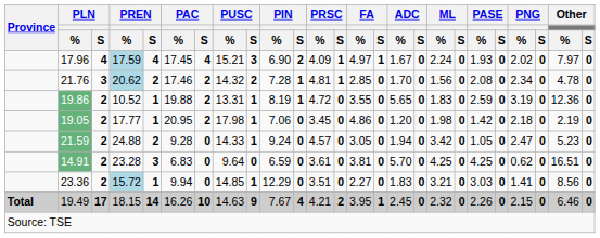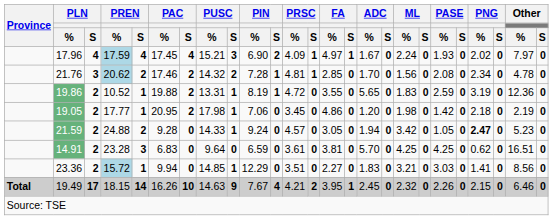 <table class="wikitable sortable" style="text-align:right; font-size:95%; line-height:20px;">
 <tr>
 <th rowspan="3"><a href='#'>Province</a></th>
 <th colspan="2" width="30px"><a href='#'>PLN</a></th>
 <th colspan="2" width="30px"><a href='#'>PREN</a></th>
 <th colspan="2" width="30px"><a href='#'>PAC</a></th>
 <th colspan="2" width="30px"><a href='#'>PUSC</a></th>
 <th colspan="2" width="30px"><a href='#'>PIN</a></th>
 <th colspan="2" width="30px"><a href='#'>PRSC</a></th>
 <th colspan="2" width="30px"><a href='#'>FA</a></th>
 <th colspan="2" width="30px"><a href='#'>ADC</a></th>
 <th colspan="2" width="30px"><a href='#'>ML</a></th>
 <th colspan="2" width="30px"><a href='#'>PASE</a></th>
 <th colspan="2" width="30px"><a href='#'>PNG</a></th>
 <th colspan="2" width="30px">Other</th>
 </tr>
 <tr>
 <th colspan="2" style="background:"></th>
 <th colspan="2" style="background:"></th>
 <th colspan="2" style="background:"></th>
 <th colspan="2" style="background:"></th>
 <th colspan="2" style="background:"></th>
 <th colspan="2" style="background:"></th>
 <th colspan="2" style="background:"></th>
 <th colspan="2" style="background:"></th>
 <th colspan="2" style="background:"></th>
 <th colspan="2" style="background:"></th>
 <th colspan="2" style="background:"></th>
 <th colspan="2" style="background:#7a7a7a"></th>
 </tr>
 <tr>
 <th data-sort-type="number">%</th>
 <th data-sort-type="number">S</th>
 <th data-sort-type="number">%</th>
 <th data-sort-type="number">S</th>
 <th data-sort-type="number">%</th>
 <th data-sort-type="number">S</th>
 <th data-sort-type="number">%</th>
 <th data-sort-type="number">S</th>
 <th data-sort-type="number">%</th>
 <th data-sort-type="number">S</th>
 <th data-sort-type="number">%</th>
 <th data-sort-type="number">S</th>
 <th data-sort-type="number">%</th>
 <th data-sort-type="number">S</th>
 <th data-sort-type="number">%</th>
 <th data-sort-type="number">S</th>
 <th data-sort-type="number">%</th>
 <th data-sort-type="number">S</th>
 <th data-sort-type="number">%</th>
 <th data-sort-type="number">S</th>
 <th data-sort-type="number">%</th>
 <th data-sort-type="number">S</th>
 <th data-sort-type="number">%</th>
 <th data-sort-type="number">S</th>
 </tr>
 <tr>
 <td align="left"></td>
 <td style="background:">17.96</td>
 <td><strong>4</strong></td>
 <td style="background:#ADD8E6; color:black;">17.59</td>
 <td><strong>4</strong></td>
 <td>17.45</td>
 <td><strong>4</strong></td>
 <td>15.21</td>
 <td><strong>3</strong></td>
 <td>6.90</td>
 <td><strong>2</strong></td>
 <td>4.09</td>
 <td><strong>1</strong></td>
 <td>4.97</td>
 <td><strong>1</strong></td>
 <td>1.67</td>
 <td><strong>0</strong></td>
 <td>2.24</td>
 <td><strong>0</strong></td>
 <td>1.93</td>
 <td><strong>0</strong></td>
 <td>2.02</td>
 <td><strong>0</strong></td>
 <td>7.97</td>
 <td><strong>0</strong></td>
 </tr>
 <tr>
 <td align="left"></td>
 <td style="background:">21.76</td>
 <td><strong>3</strong></td>
 <td style="background:#ADD8E6; color:black;">20.62</td>
 <td><strong>2</strong></td>
 <td>17.46</td>
 <td><strong>2</strong></td>
 <td>14.32</td>
 <td><strong>2</strong></td>
 <td>7.28</td>
 <td><strong>1</strong></td>
 <td>4.81</td>
 <td><strong>1</strong></td>
 <td>2.85</td>
 <td><strong>0</strong></td>
 <td>1.70</td>
 <td><strong>0</strong></td>
 <td>1.56</td>
 <td><strong>0</strong></td>
 <td>2.08</td>
 <td><strong>0</strong></td>
 <td>2.34</td>
 <td><strong>0</strong></td>
 <td>4.78</td>
 <td><strong>0</strong></td>
 </tr>
 <tr>
 <td align="left"></td>
 <td style="background:#66B27B; color:white;">19.86</td>
 <td><strong>2</strong></td>
 <td>10.52</td>
 <td><strong>1</strong></td>
 <td style="background:">19.88</td>
 <td><strong>2</strong></td>
 <td>13.31</td>
 <td><strong>1</strong></td>
 <td>8.19</td>
 <td><strong>1</strong></td>
 <td>4.72</td>
 <td><strong>0</strong></td>
 <td>3.55</td>
 <td><strong>0</strong></td>
 <td>5.65</td>
 <td><strong>0</strong></td>
 <td>1.83</td>
 <td><strong>0</strong></td>
 <td>2.59</td>
 <td><strong>0</strong></td>
 <td>3.19</td>
 <td><strong>0</strong></td>
 <td>12.36</td>
 <td><strong>0</strong></td>
 </tr>
 <tr>
 <td align="left"></td>
 <td style="background:#66B27B; color:white;">19.05</td>
 <td><strong>2</strong></td>
 <td>17.77</td>
 <td><strong>1</strong></td>
 <td style="background:">20.95</td>
 <td><strong>2</strong></td>
 <td>17.98</td>
 <td><strong>1</strong></td>
 <td>7.06</td>
 <td><strong>0</strong></td>
 <td>3.45</td>
 <td><strong>0</strong></td>
 <td>4.86</td>
 <td><strong>0</strong></td>
 <td>1.20</td>
 <td><strong>0</strong></td>
 <td>1.98</td>
 <td><strong>0</strong></td>
 <td>1.42</td>
 <td><strong>0</strong></td>
 <td>2.18</td>
 <td><strong>0</strong></td>
 <td>2.19</td>
 <td><strong>0</strong></td>
 </tr>
 <tr>
 <td align="left"></td>
 <td style="background:#66B27B; color:white;">21.59</td>
 <td><strong>2</strong></td>
 <td style="background:">24.88</td>
 <td><strong>2</strong></td>
 <td>9.28</td>
 <td><strong>0</strong></td>
 <td>14.33</td>
 <td><strong>1</strong></td>
 <td>9.24</td>
 <td><strong>0</strong></td>
 <td>4.57</td>
 <td><strong>0</strong></td>
 <td>3.05</td>
 <td><strong>0</strong></td>
 <td>1.94</td>
 <td><strong>0</strong></td>
 <td>3.42</td>
 <td><strong>0</strong></td>
 <td>1.05</td>
 <td><strong>0</strong></td>
-<td>2.47</td>
+<td><strong>2.47</strong></td>
 <td><strong>0</strong></td>
 <td>5.23</td>
 <td><strong>0</strong></td>
 </tr>
 <tr>
 <td align="left"></td>
 <td style="background:#66B27B; color:white;">14.91</td>
 <td><strong>2</strong></td>
 <td style="background:">23.28</td>
 <td><strong>3</strong></td>
 <td>6.83</td>
 <td><strong>0</strong></td>
 <td>9.64</td>
 <td><strong>0</strong></td>
 <td>6.59</td>
 <td><strong>0</strong></td>
 <td>3.61</td>
 <td><strong>0</strong></td>
 <td>3.81</td>
 <td><strong>0</strong></td>
 <td>5.70</td>
 <td><strong>0</strong></td>
 <td>4.25</td>
 <td><strong>0</strong></td>
 <td>4.25</td>
 <td><strong>0</strong></td>
 <td>0.62</td>
 <td><strong>0</strong></td>
 <td>16.51</td>
 <td><strong>0</strong></td>
 </tr>
 <tr>
 <td align="left"></td>
 <td style="background:">23.36</td>
 <td><strong>2</strong></td>
 <td style="background:#ADD8E6; color:black;">15.72</td>
 <td><strong>1</strong></td>
 <td>9.94</td>
 <td><strong>0</strong></td>
 <td>14.85</td>
 <td><strong>1</strong></td>
 <td>12.29</td>
 <td><strong>0</strong></td>
 <td>3.51</td>
 <td><strong>0</strong></td>
 <td>2.27</td>
 <td><strong>0</strong></td>
 <td>1.83</td>
 <td><strong>0</strong></td>
 <td>3.21</td>
 <td><strong>0</strong></td>
 <td>3.03</td>
 <td><strong>0</strong></td>
 <td>1.41</td>
 <td><strong>0</strong></td>
 <td>8.56</td>
 <td><strong>0</strong></td>
 </tr>
 <tr style="background:#CDCDCD;">
 <td align="left"><strong>Total</strong></td>
 <td style="background:">19.49</td>
 <td><strong>17</strong></td>
 <td>18.15</td>
 <td><strong>14</strong></td>
 <td>16.26</td>
 <td><strong>10</strong></td>
 <td>14.63</td>
 <td><strong>9</strong></td>
 <td>7.67</td>
 <td><strong>4</strong></td>
 <td>4.21</td>
 <td><strong>2</strong></td>
 <td>3.95</td>
 <td><strong>1</strong></td>
 <td>2.45</td>
 <td><strong>0</strong></td>
 <td>2.32</td>
 <td><strong>0</strong></td>
 <td>2.26</td>
 <td><strong>0</strong></td>
 <td>2.15</td>
 <td><strong>0</strong></td>
 <td>6.46</td>
 <td><strong>0</strong></td>
 </tr>
 <tr>
 <td align=left colspan=25>Source: TSE  </td>
 </tr>
 </table>
